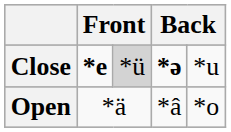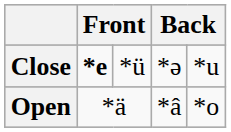 <table class="wikitable" style="text-align: center;">
 <tr>
 <th></th>
 <th colspan="2">Front</th>
 <th colspan="2">Back</th>
 </tr>
 <tr>
 <th>Close</th>
 <td><strong>*e</strong></td>
-<td style="background: lightgrey;">*ü</td>
-<td><strong>*ə</strong></td>
+<td>*ü</td>
+<td>*ə</td>
 <td>*u</td>
 </tr>
 <tr>
 <th>Open</th>
 <td colspan="2">*ä</td>
 <td>*â</td>
 <td>*o</td>
 </tr>
 </table>
